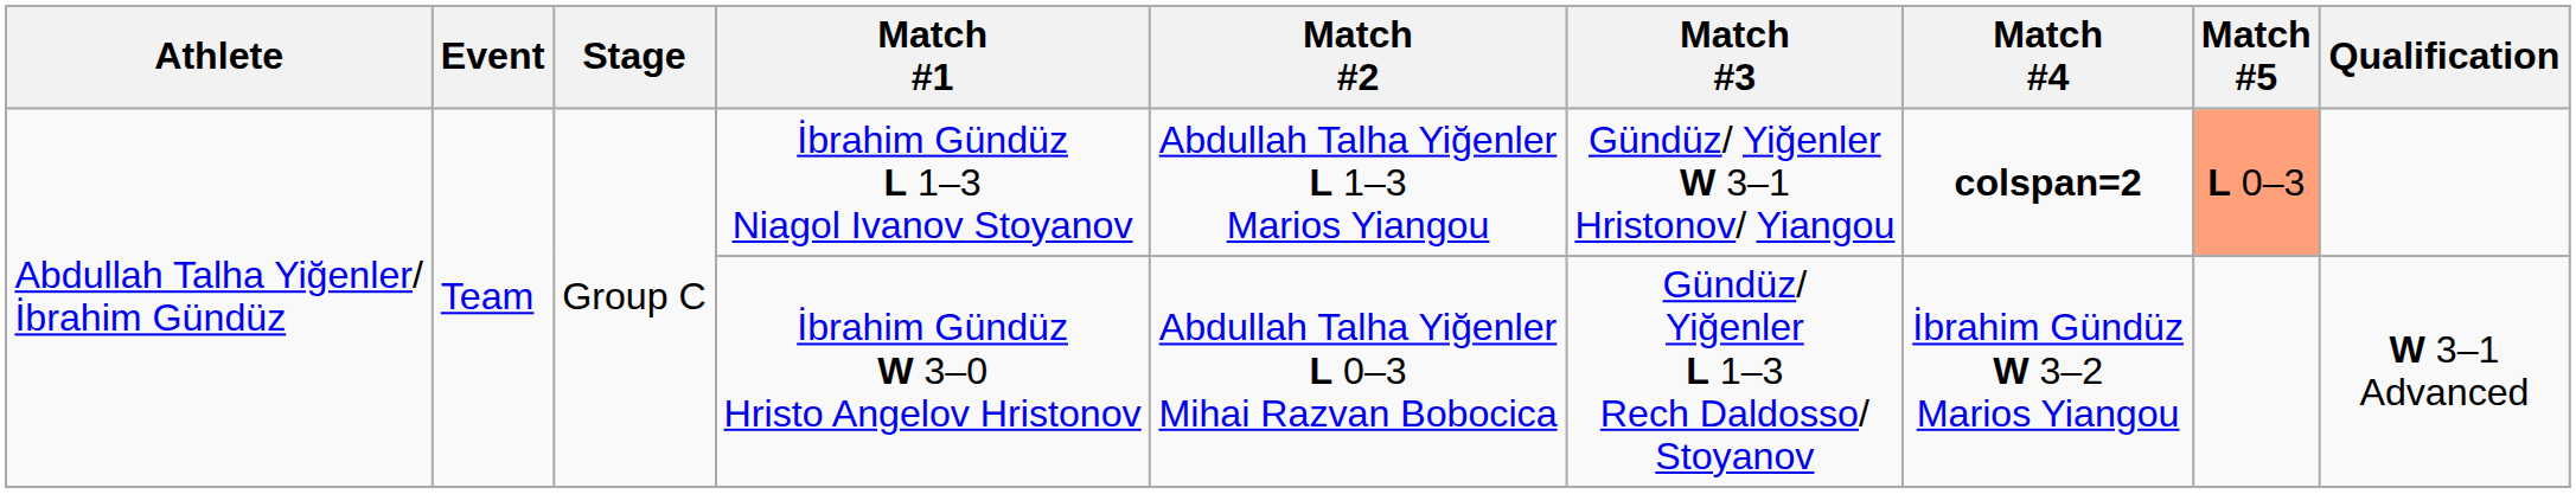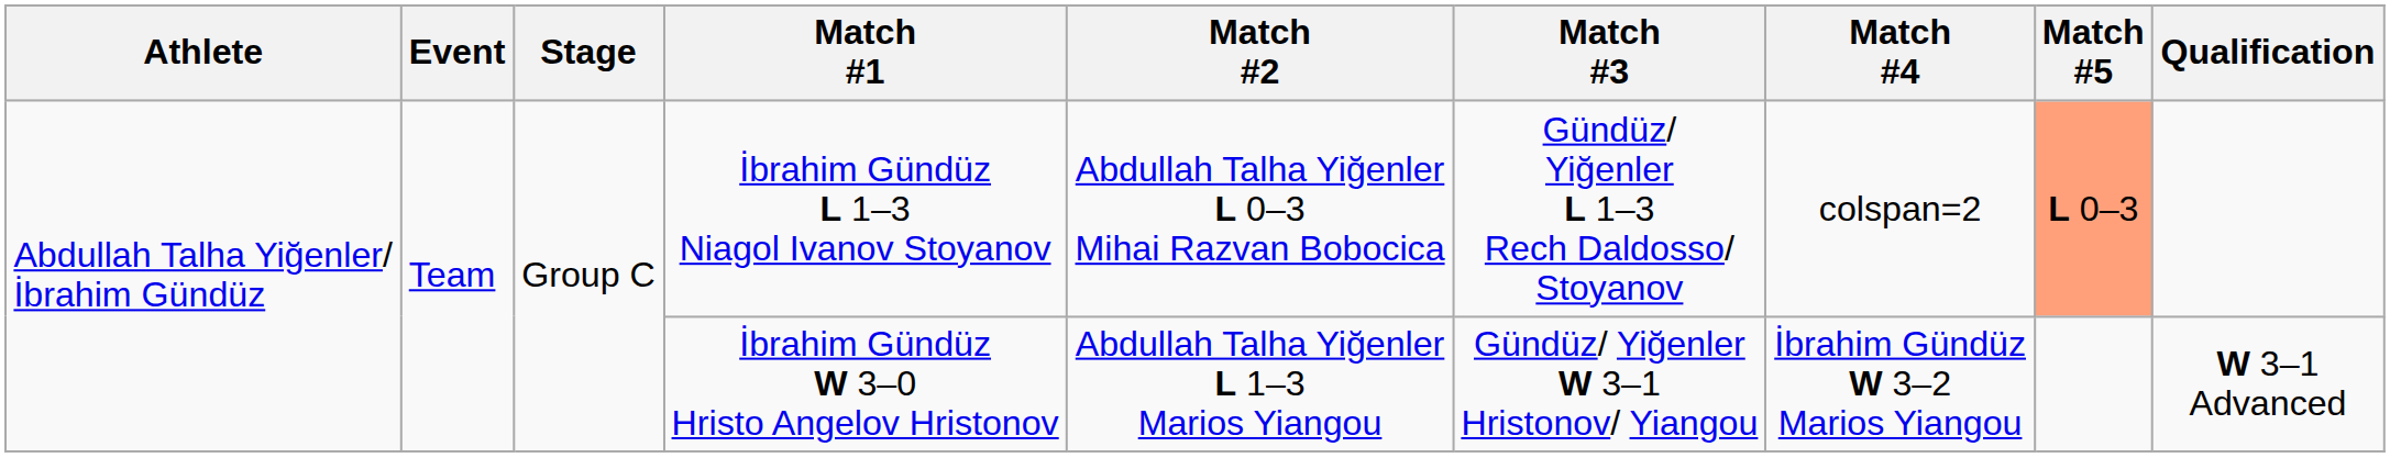 <table class=wikitable>
 <tr>
 <th>Athlete</th>
 <th>Event</th>
 <th>Stage</th>
 <th>Match<br>#1</th>
 <th>Match<br>#2</th>
 <th>Match<br>#3</th>
 <th>Match<br>#4</th>
 <th>Match<br>#5</th>
 <th>Qualification</th>
 </tr>
 <tr align=center>
 <td align=left rowspan=2><a href='#'>Abdullah Talha Yiğenler</a>/<br><a href='#'>İbrahim Gündüz</a></td>
 <td align=left rowspan=2><a href='#'>Team</a></td>
 <td rowspan=2>Group C</td>
 <td><a href='#'>İbrahim Gündüz</a><br><strong>L</strong> 1–3<br> <a href='#'>Niagol Ivanov Stoyanov</a></td>
-<td><a href='#'>Abdullah Talha Yiğenler</a><br><strong>L</strong> 1–3<br> <a href='#'>Marios Yiangou</a></td>
-<td><a href='#'>Gündüz</a>/ <a href='#'>Yiğenler</a><br><strong>W</strong> 3–1<br> <a href='#'>Hristonov</a>/ <a href='#'>Yiangou</a></td>
-<td><strong>colspan=2 </strong></td>
+<td><a href='#'>Abdullah Talha Yiğenler</a><br><strong>L</strong> 0–3<br> <a href='#'>Mihai Razvan Bobocica</a></td>
+<td><a href='#'>Gündüz</a>/<br><a href='#'>Yiğenler</a><br><strong>L</strong> 1–3<br> <a href='#'>Rech Daldosso</a>/<br><a href='#'>Stoyanov</a></td>
+<td>colspan=2 </td>
 <td style="background: lightsalmon;"><strong>L</strong> 0–3</td>
 </tr>
 <tr align=center>
 <td><a href='#'>İbrahim Gündüz</a><br><strong>W</strong> 3–0<br> <a href='#'>Hristo Angelov Hristonov</a></td>
-<td><a href='#'>Abdullah Talha Yiğenler</a><br><strong>L</strong> 0–3<br> <a href='#'>Mihai Razvan Bobocica</a></td>
-<td><a href='#'>Gündüz</a>/<br><a href='#'>Yiğenler</a><br><strong>L</strong> 1–3<br> <a href='#'>Rech Daldosso</a>/<br><a href='#'>Stoyanov</a></td>
+<td><a href='#'>Abdullah Talha Yiğenler</a><br><strong>L</strong> 1–3<br> <a href='#'>Marios Yiangou</a></td>
+<td><a href='#'>Gündüz</a>/ <a href='#'>Yiğenler</a><br><strong>W</strong> 3–1<br> <a href='#'>Hristonov</a>/ <a href='#'>Yiangou</a></td>
 <td><a href='#'>İbrahim Gündüz</a><br><strong>W</strong> 3–2<br> <a href='#'>Marios Yiangou</a></td>
 <td></td>
 <td><strong>W</strong> 3–1<br>Advanced</td>
 </tr>
 </table>
